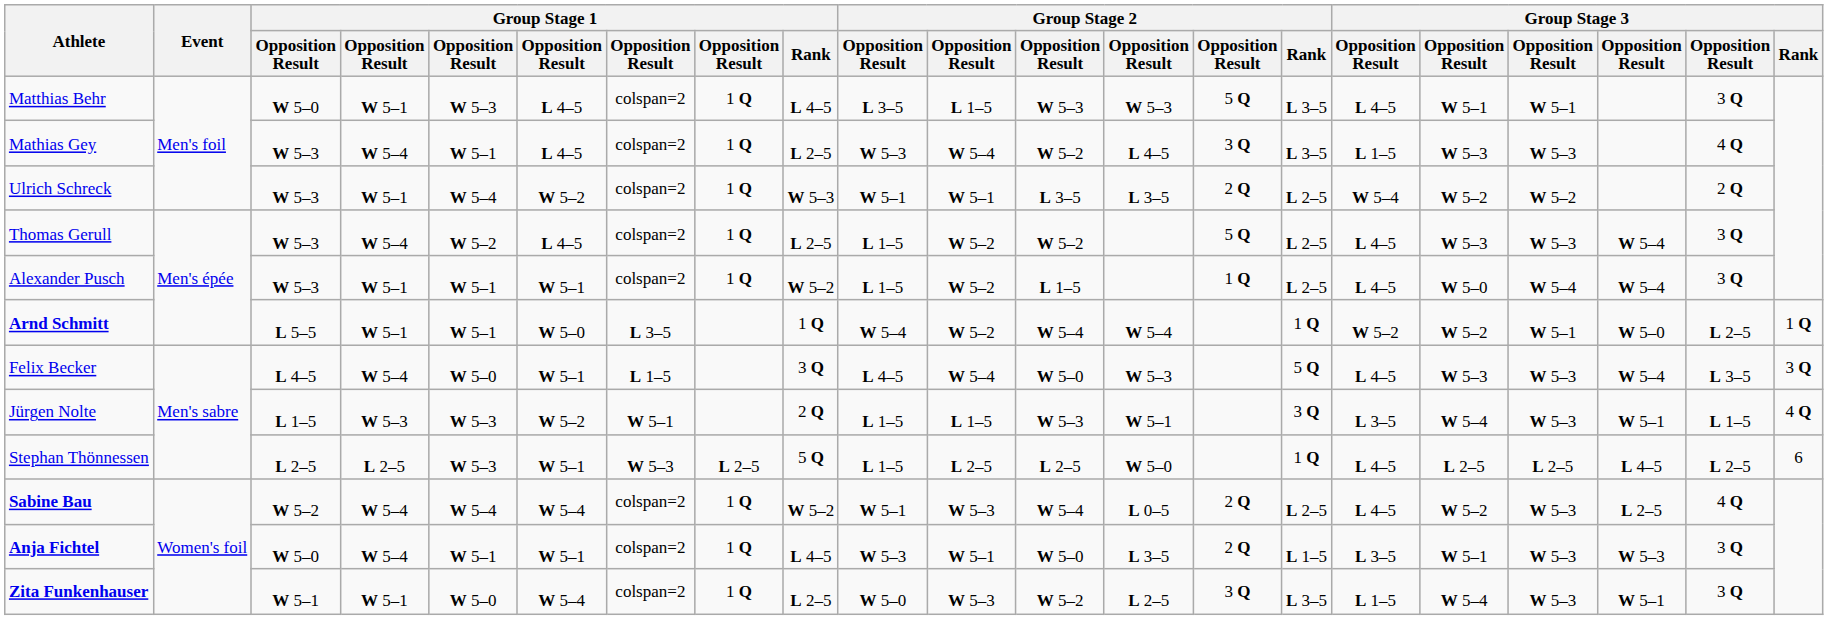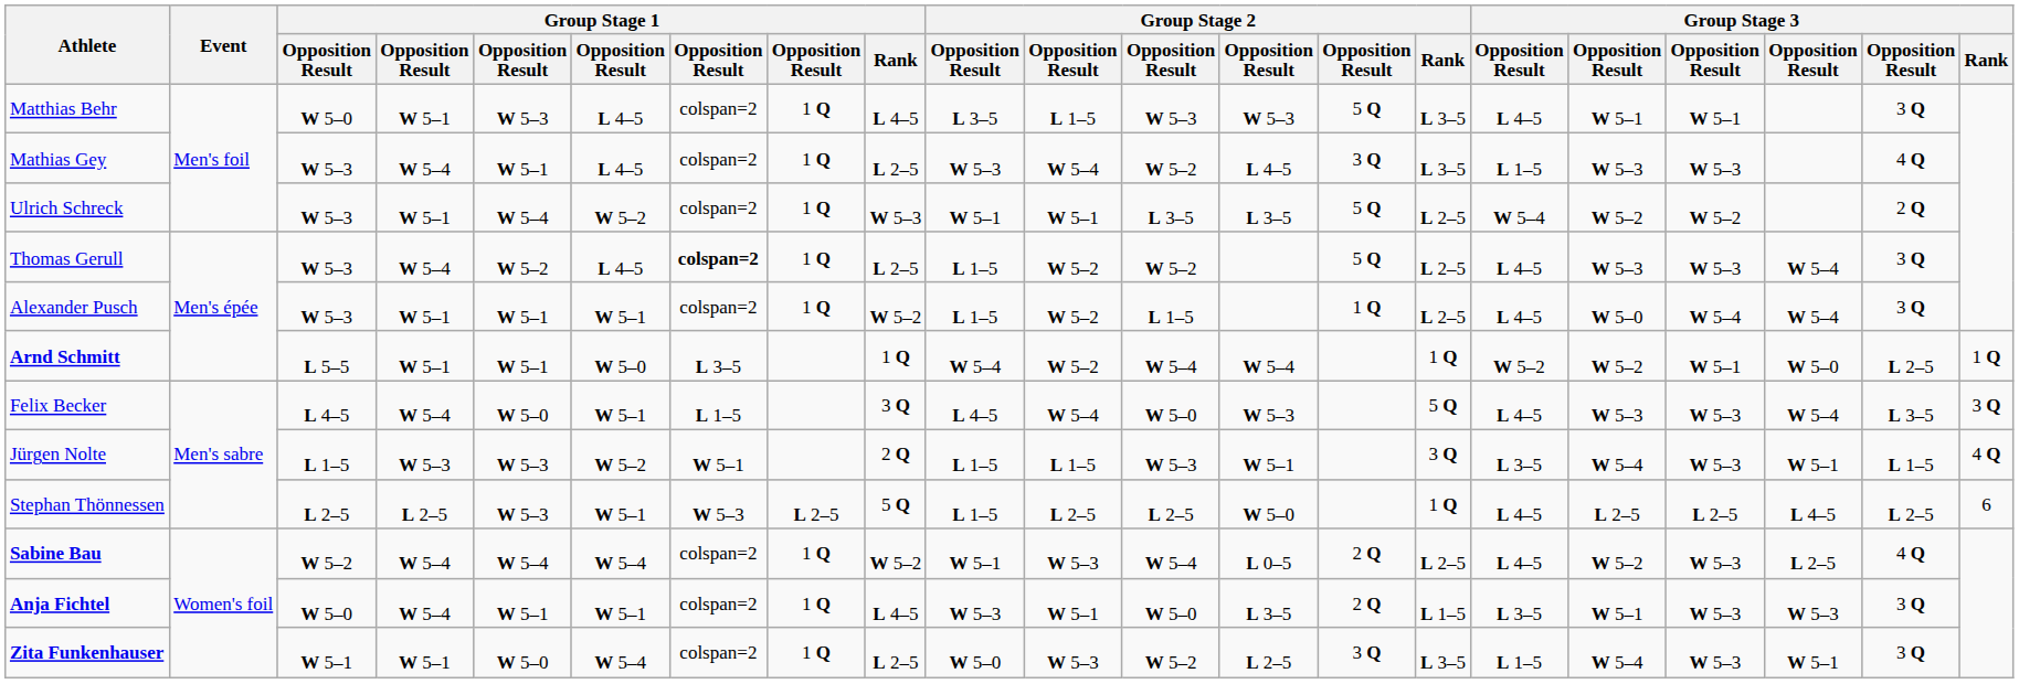 <table class=wikitable style="font-size:70%">
 <tr>
 <th rowspan="2">Athlete</th>
 <th rowspan="2">Event</th>
 <th colspan="7">Group Stage 1</th>
 <th colspan="6">Group Stage 2</th>
 <th colspan="6">Group Stage 3</th>
 </tr>
 <tr>
 <th>Opposition<br>Result</th>
 <th>Opposition<br>Result</th>
 <th>Opposition<br>Result</th>
 <th>Opposition<br>Result</th>
 <th>Opposition<br>Result</th>
 <th>Opposition<br>Result</th>
 <th>Rank</th>
 <th>Opposition<br>Result</th>
 <th>Opposition<br>Result</th>
 <th>Opposition<br>Result</th>
 <th>Opposition<br>Result</th>
 <th>Opposition<br>Result</th>
 <th>Rank</th>
 <th>Opposition<br>Result</th>
 <th>Opposition<br>Result</th>
 <th>Opposition<br>Result</th>
 <th>Opposition<br>Result</th>
 <th>Opposition<br>Result</th>
 <th>Rank</th>
 </tr>
 <tr align=center>
 <td align=left><a href='#'>Matthias Behr</a></td>
 <td align=left rowspan=3><a href='#'>Men's foil</a></td>
 <td><br><strong>W</strong> 5–0</td>
 <td><br><strong>W</strong> 5–1</td>
 <td><br><strong>W</strong> 5–3</td>
 <td><br><strong>L</strong> 4–5</td>
 <td>colspan=2</td>
 <td>1 <strong>Q</strong></td>
 <td><br><strong>L</strong> 4–5</td>
 <td><br><strong>L</strong> 3–5</td>
 <td><br><strong>L</strong> 1–5</td>
 <td><br><strong>W</strong> 5–3</td>
 <td><br><strong>W</strong> 5–3</td>
 <td>5 <strong>Q</strong></td>
 <td><br><strong>L</strong> 3–5</td>
 <td><br><strong>L</strong> 4–5</td>
 <td><br><strong>W</strong> 5–1</td>
 <td><br><strong>W</strong> 5–1</td>
 <td></td>
 <td>3 <strong>Q</strong></td>
 </tr>
 <tr align=center>
 <td align=left><a href='#'>Mathias Gey</a></td>
 <td><br><strong>W</strong> 5–3</td>
 <td><br><strong>W</strong> 5–4</td>
 <td><br><strong>W</strong> 5–1</td>
 <td><br><strong>L</strong> 4–5</td>
 <td>colspan=2</td>
 <td>1 <strong>Q</strong></td>
 <td><br><strong>L</strong> 2–5</td>
 <td><br><strong>W</strong> 5–3</td>
 <td><br><strong>W</strong> 5–4</td>
 <td><br><strong>W</strong> 5–2</td>
 <td><br><strong>L</strong> 4–5</td>
 <td>3 <strong>Q</strong></td>
 <td><br><strong>L</strong> 3–5</td>
 <td><br><strong>L</strong> 1–5</td>
 <td><br><strong>W</strong> 5–3</td>
 <td><br><strong>W</strong> 5–3</td>
 <td></td>
 <td>4 <strong>Q</strong></td>
 </tr>
 <tr align=center>
 <td align=left><a href='#'>Ulrich Schreck</a></td>
 <td><br><strong>W</strong> 5–3</td>
 <td><br><strong>W</strong> 5–1</td>
 <td><br><strong>W</strong> 5–4</td>
 <td><br><strong>W</strong> 5–2</td>
 <td>colspan=2</td>
 <td>1 <strong>Q</strong></td>
 <td><br><strong>W</strong> 5–3</td>
 <td><br><strong>W</strong> 5–1</td>
 <td><br><strong>W</strong> 5–1</td>
 <td><br><strong>L</strong> 3–5</td>
 <td><br><strong>L</strong> 3–5</td>
-<td>2 <strong>Q</strong></td>
+<td>5 <strong>Q</strong></td>
 <td><br><strong>L</strong> 2–5</td>
 <td><br><strong>W</strong> 5–4</td>
 <td><br><strong>W</strong> 5–2</td>
 <td><br><strong>W</strong> 5–2</td>
 <td></td>
 <td>2 <strong>Q</strong></td>
 </tr>
 <tr align=center>
 <td align=left><a href='#'>Thomas Gerull</a></td>
 <td align=left rowspan=3><a href='#'>Men's épée</a></td>
 <td><br><strong>W</strong> 5–3</td>
 <td><br><strong>W</strong> 5–4</td>
 <td><br><strong>W</strong> 5–2</td>
 <td><br><strong>L</strong> 4–5</td>
-<td>colspan=2</td>
+<td><strong>colspan=2</strong></td>
 <td>1 <strong>Q</strong></td>
 <td><br><strong>L</strong> 2–5</td>
 <td><br><strong>L</strong> 1–5</td>
 <td><br><strong>W</strong> 5–2</td>
 <td><br><strong>W</strong> 5–2</td>
 <td></td>
 <td>5 <strong>Q</strong></td>
 <td><br><strong>L</strong> 2–5</td>
 <td><br><strong>L</strong> 4–5</td>
 <td><br><strong>W</strong> 5–3</td>
 <td><br><strong>W</strong> 5–3</td>
 <td><br><strong>W</strong> 5–4</td>
 <td>3 <strong>Q</strong></td>
 </tr>
 <tr align=center>
 <td align=left><a href='#'>Alexander Pusch</a></td>
 <td><br><strong>W</strong> 5–3</td>
 <td><br><strong>W</strong> 5–1</td>
 <td><br><strong>W</strong> 5–1</td>
 <td><br><strong>W</strong> 5–1</td>
 <td>colspan=2</td>
 <td>1 <strong>Q</strong></td>
 <td><br><strong>W</strong> 5–2</td>
 <td><br><strong>L</strong> 1–5</td>
 <td><br><strong>W</strong> 5–2</td>
 <td><br><strong>L</strong> 1–5</td>
 <td></td>
 <td>1 <strong>Q</strong></td>
 <td><br><strong>L</strong> 2–5</td>
 <td><br><strong>L</strong> 4–5</td>
 <td><br><strong>W</strong> 5–0</td>
 <td><br><strong>W</strong> 5–4</td>
 <td><br><strong>W</strong> 5–4</td>
 <td>3 <strong>Q</strong></td>
 </tr>
 <tr align=center>
 <td align=left><strong><a href='#'>Arnd Schmitt</a></strong></td>
 <td><br><strong>L</strong> 5–5</td>
 <td><br><strong>W</strong> 5–1</td>
 <td><br><strong>W</strong> 5–1</td>
 <td><br><strong>W</strong> 5–0</td>
 <td><br><strong>L</strong> 3–5</td>
 <td></td>
 <td>1 <strong>Q</strong></td>
 <td><br><strong>W</strong> 5–4</td>
 <td><br><strong>W</strong> 5–2</td>
 <td><br><strong>W</strong> 5–4</td>
 <td><br><strong>W</strong> 5–4</td>
 <td></td>
 <td>1 <strong>Q</strong></td>
 <td><br><strong>W</strong> 5–2</td>
 <td><br><strong>W</strong> 5–2</td>
 <td><br><strong>W</strong> 5–1</td>
 <td><br><strong>W</strong> 5–0</td>
 <td><br><strong>L</strong> 2–5</td>
 <td>1 <strong>Q</strong></td>
 </tr>
 <tr align=center>
 <td align=left><a href='#'>Felix Becker</a></td>
 <td align=left rowspan=3><a href='#'>Men's sabre</a></td>
 <td><br><strong>L</strong> 4–5</td>
 <td><br><strong>W</strong> 5–4</td>
 <td><br><strong>W</strong> 5–0</td>
 <td><br><strong>W</strong> 5–1</td>
 <td><br><strong>L</strong> 1–5</td>
 <td></td>
 <td>3 <strong>Q</strong></td>
 <td><br><strong>L</strong> 4–5</td>
 <td><br><strong>W</strong> 5–4</td>
 <td><br><strong>W</strong> 5–0</td>
 <td><br><strong>W</strong> 5–3</td>
 <td></td>
 <td>5 <strong>Q</strong></td>
 <td><br><strong>L</strong> 4–5</td>
 <td><br><strong>W</strong> 5–3</td>
 <td><br><strong>W</strong> 5–3</td>
 <td><br><strong>W</strong> 5–4</td>
 <td><br><strong>L</strong> 3–5</td>
 <td>3 <strong>Q</strong></td>
 </tr>
 <tr align=center>
 <td align=left><a href='#'>Jürgen Nolte</a></td>
 <td><br><strong>L</strong> 1–5</td>
 <td><br><strong>W</strong> 5–3</td>
 <td><br><strong>W</strong> 5–3</td>
 <td><br><strong>W</strong> 5–2</td>
 <td><br><strong>W</strong> 5–1</td>
 <td></td>
 <td>2 <strong>Q</strong></td>
 <td><br><strong>L</strong> 1–5</td>
 <td><br><strong>L</strong> 1–5</td>
 <td><br><strong>W</strong> 5–3</td>
 <td><br><strong>W</strong> 5–1</td>
 <td></td>
 <td>3 <strong>Q</strong></td>
 <td><br><strong>L</strong> 3–5</td>
 <td><br><strong>W</strong> 5–4</td>
 <td><br><strong>W</strong> 5–3</td>
 <td><br><strong>W</strong> 5–1</td>
 <td><br><strong>L</strong> 1–5</td>
 <td>4 <strong>Q</strong></td>
 </tr>
 <tr align=center>
 <td align=left><a href='#'>Stephan Thönnessen</a></td>
 <td><br><strong>L</strong> 2–5</td>
 <td><br><strong>L</strong> 2–5</td>
 <td><br><strong>W</strong> 5–3</td>
 <td><br><strong>W</strong> 5–1</td>
 <td><br><strong>W</strong> 5–3</td>
 <td><br><strong>L</strong> 2–5</td>
 <td>5 <strong>Q</strong></td>
 <td><br><strong>L</strong> 1–5</td>
 <td><br><strong>L</strong> 2–5</td>
 <td><br><strong>L</strong> 2–5</td>
 <td><br><strong>W</strong> 5–0</td>
 <td></td>
 <td>1 <strong>Q</strong></td>
 <td><br><strong>L</strong> 4–5</td>
 <td><br><strong>L</strong> 2–5</td>
 <td><br><strong>L</strong> 2–5</td>
 <td><br><strong>L</strong> 4–5</td>
 <td><br><strong>L</strong> 2–5</td>
 <td>6</td>
 </tr>
 <tr align=center>
 <td align=left><strong><a href='#'>Sabine Bau</a></strong></td>
 <td align=left rowspan=3><a href='#'>Women's foil</a></td>
 <td><br><strong>W</strong> 5–2</td>
 <td><br><strong>W</strong> 5–4</td>
 <td><br><strong>W</strong> 5–4</td>
 <td><br><strong>W</strong> 5–4</td>
 <td>colspan=2</td>
 <td>1 <strong>Q</strong></td>
 <td><br><strong>W</strong> 5–2</td>
 <td><br><strong>W</strong> 5–1</td>
 <td><br><strong>W</strong> 5–3</td>
 <td><br><strong>W</strong> 5–4</td>
 <td><br><strong>L</strong> 0–5</td>
 <td>2 <strong>Q</strong></td>
 <td><br><strong>L</strong> 2–5</td>
 <td><br><strong>L</strong> 4–5</td>
 <td><br><strong>W</strong> 5–2</td>
 <td><br><strong>W</strong> 5–3</td>
 <td><br><strong>L</strong> 2–5</td>
 <td>4 <strong>Q</strong></td>
 </tr>
 <tr align=center>
 <td align=left><strong><a href='#'>Anja Fichtel</a></strong></td>
 <td><br><strong>W</strong> 5–0</td>
 <td><br><strong>W</strong> 5–4</td>
 <td><br><strong>W</strong> 5–1</td>
 <td><br><strong>W</strong> 5–1</td>
 <td>colspan=2</td>
 <td>1 <strong>Q</strong></td>
 <td><br><strong>L</strong> 4–5</td>
 <td><br><strong>W</strong> 5–3</td>
 <td><br><strong>W</strong> 5–1</td>
 <td><br><strong>W</strong> 5–0</td>
 <td><br><strong>L</strong> 3–5</td>
 <td>2 <strong>Q</strong></td>
 <td><br><strong>L</strong> 1–5</td>
 <td><br><strong>L</strong> 3–5</td>
 <td><br><strong>W</strong> 5–1</td>
 <td><br><strong>W</strong> 5–3</td>
 <td><br><strong>W</strong> 5–3</td>
 <td>3 <strong>Q</strong></td>
 </tr>
 <tr align=center>
 <td align=left><strong><a href='#'>Zita Funkenhauser</a></strong></td>
 <td><br><strong>W</strong> 5–1</td>
 <td><br><strong>W</strong> 5–1</td>
 <td><br><strong>W</strong> 5–0</td>
 <td><br><strong>W</strong> 5–4</td>
 <td>colspan=2</td>
 <td>1 <strong>Q</strong></td>
 <td><br><strong>L</strong> 2–5</td>
 <td><br><strong>W</strong> 5–0</td>
 <td><br><strong>W</strong> 5–3</td>
 <td><br><strong>W</strong> 5–2</td>
 <td><br><strong>L</strong> 2–5</td>
 <td>3 <strong>Q</strong></td>
 <td><br><strong>L</strong> 3–5</td>
 <td><br><strong>L</strong> 1–5</td>
 <td><br><strong>W</strong> 5–4</td>
 <td><br><strong>W</strong> 5–3</td>
 <td><br><strong>W</strong> 5–1</td>
 <td>3 <strong>Q</strong></td>
 </tr>
 </table>
